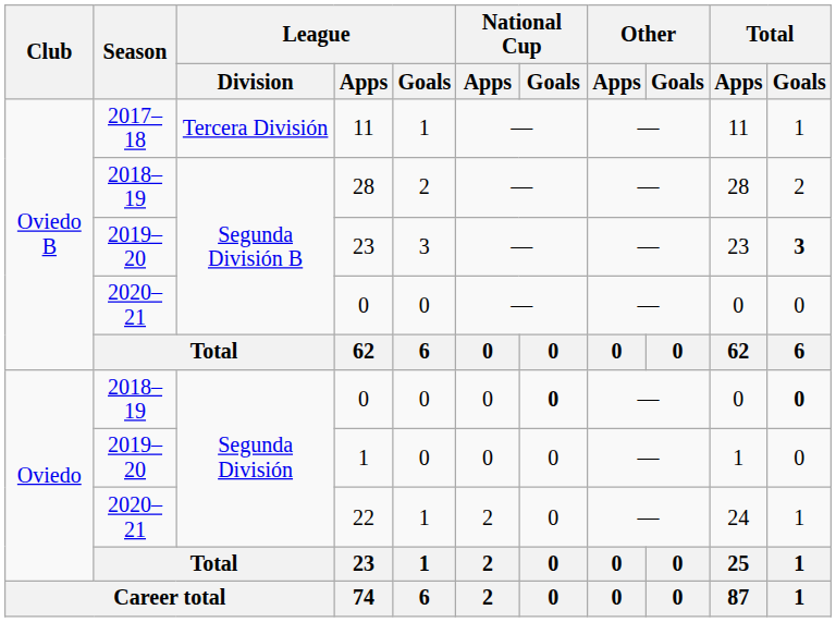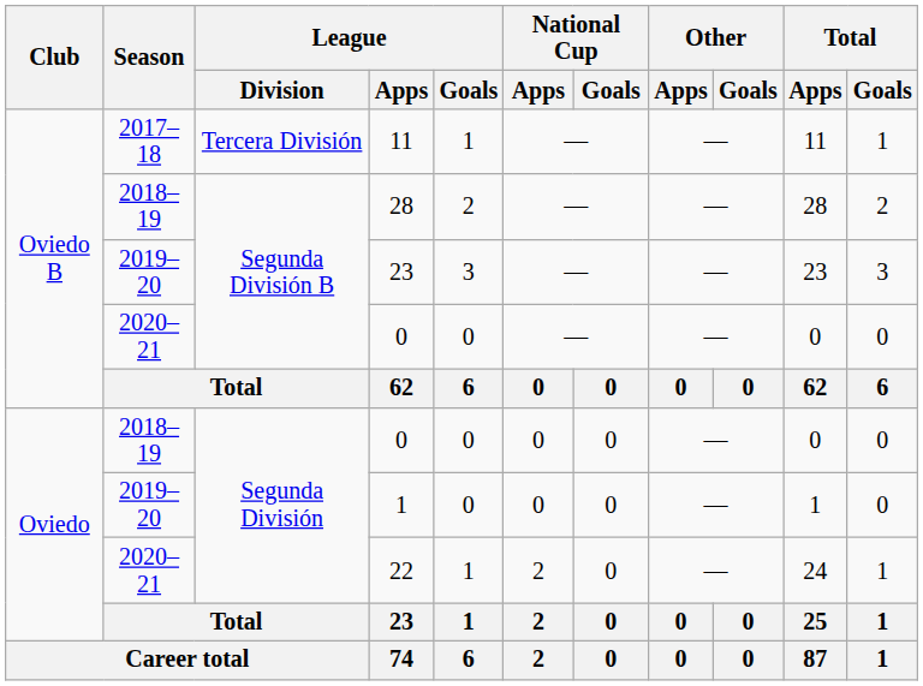 <table class="wikitable" style="text-align:center">
 <tr>
 <th rowspan="2">Club</th>
 <th rowspan="2">Season</th>
 <th colspan="3">League</th>
 <th colspan="2">National Cup</th>
 <th colspan="2">Other</th>
 <th colspan="2">Total</th>
 </tr>
 <tr>
 <th>Division</th>
 <th>Apps</th>
 <th>Goals</th>
 <th>Apps</th>
 <th>Goals</th>
 <th>Apps</th>
 <th>Goals</th>
 <th>Apps</th>
 <th>Goals</th>
 </tr>
 <tr>
 <td rowspan="5"><a href='#'>Oviedo B</a></td>
 <td><a href='#'>2017–18</a></td>
 <td><a href='#'>Tercera División</a></td>
 <td>11</td>
 <td>1</td>
 <td colspan="2">—</td>
 <td colspan="2">—</td>
 <td>11</td>
 <td>1</td>
 </tr>
 <tr>
 <td><a href='#'>2018–19</a></td>
 <td rowspan="3"><a href='#'>Segunda División B</a></td>
 <td>28</td>
 <td>2</td>
 <td colspan="2">—</td>
 <td colspan="2">—</td>
 <td>28</td>
 <td>2</td>
 </tr>
 <tr>
 <td><a href='#'>2019–20</a></td>
 <td>23</td>
 <td>3</td>
 <td colspan="2">—</td>
 <td colspan="2">—</td>
 <td>23</td>
-<td><strong>3</strong></td>
+<td>3</td>
 </tr>
 <tr>
 <td><a href='#'>2020–21</a></td>
 <td>0</td>
 <td>0</td>
 <td colspan="2">—</td>
 <td colspan="2">—</td>
 <td>0</td>
 <td>0</td>
 </tr>
 <tr>
 <th colspan="2">Total</th>
 <th>62</th>
 <th>6</th>
 <th>0</th>
 <th>0</th>
 <th>0</th>
 <th>0</th>
 <th>62</th>
 <th>6</th>
 </tr>
 <tr>
 <td rowspan="4"><a href='#'>Oviedo</a></td>
 <td><a href='#'>2018–19</a></td>
 <td rowspan="3"><a href='#'>Segunda División</a></td>
 <td>0</td>
 <td>0</td>
 <td>0</td>
-<td><strong>0</strong></td>
+<td>0</td>
 <td colspan="2">—</td>
 <td>0</td>
-<td><strong>0</strong></td>
+<td>0</td>
 </tr>
 <tr>
 <td><a href='#'>2019–20</a></td>
 <td>1</td>
 <td>0</td>
 <td>0</td>
 <td>0</td>
 <td colspan="2">—</td>
 <td>1</td>
 <td>0</td>
 </tr>
 <tr>
 <td><a href='#'>2020–21</a></td>
 <td>22</td>
 <td>1</td>
 <td>2</td>
 <td>0</td>
 <td colspan="2">—</td>
 <td>24</td>
 <td>1</td>
 </tr>
 <tr>
 <th colspan="2">Total</th>
 <th>23</th>
 <th>1</th>
 <th>2</th>
 <th>0</th>
 <th>0</th>
 <th>0</th>
 <th>25</th>
 <th>1</th>
 </tr>
 <tr>
 <th colspan="3">Career total</th>
 <th>74</th>
 <th>6</th>
 <th>2</th>
 <th>0</th>
 <th>0</th>
 <th>0</th>
 <th>87</th>
 <th>1</th>
 </tr>
 </table>
